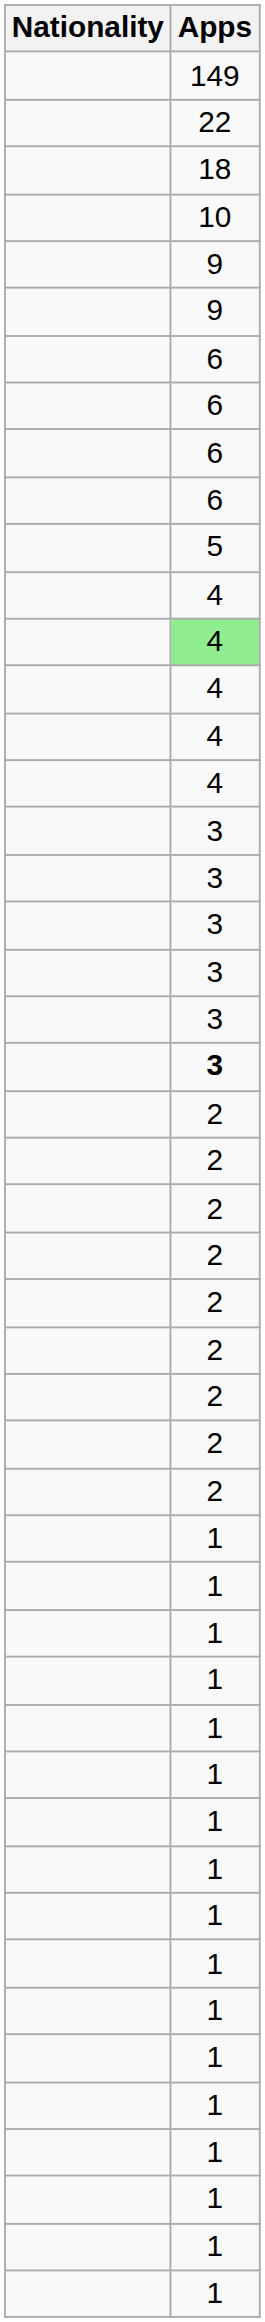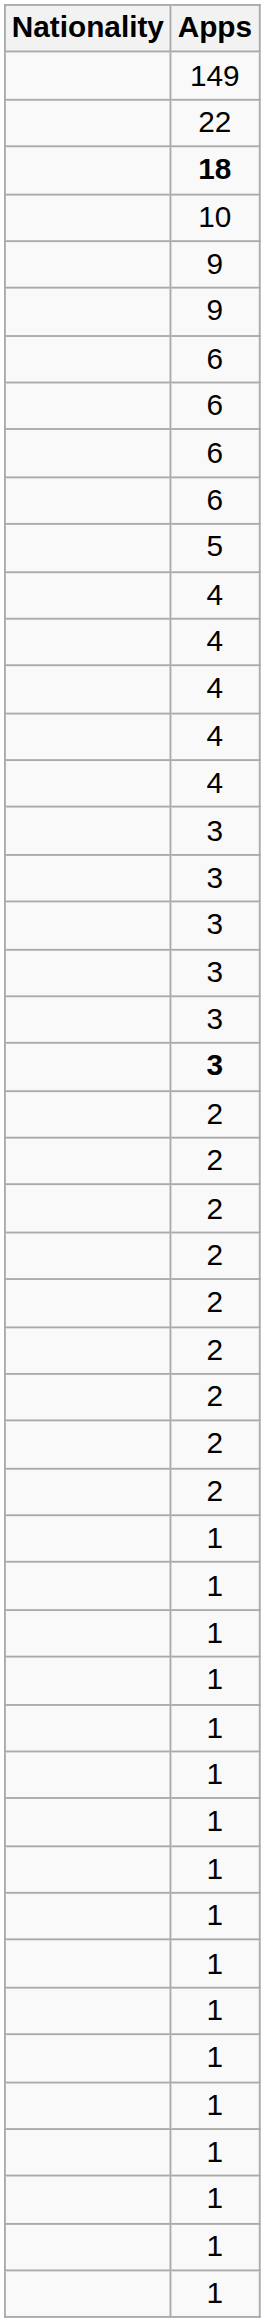 <table class="wikitable sortable">
 <tr>
 <th>Nationality</th>
 <th>Apps</th>
 </tr>
 <tr>
 <td></td>
 <td align="center">149</td>
 </tr>
 <tr>
 <td></td>
 <td align="center">22</td>
 </tr>
 <tr>
 <td></td>
-<td align="center">18</td>
+<td align="center"><strong>18</strong></td>
 </tr>
 <tr>
 <td></td>
 <td align="center">10</td>
 </tr>
 <tr>
 <td></td>
 <td align="center">9</td>
 </tr>
 <tr>
 <td></td>
 <td align="center">9</td>
 </tr>
 <tr>
 <td></td>
 <td align="center">6</td>
 </tr>
 <tr>
 <td></td>
 <td align="center">6</td>
 </tr>
 <tr>
 <td></td>
 <td align="center">6</td>
 </tr>
 <tr>
 <td></td>
 <td align="center">6</td>
 </tr>
 <tr>
 <td></td>
 <td align="center">5</td>
 </tr>
 <tr>
 <td></td>
 <td align="center">4</td>
 </tr>
 <tr>
 <td></td>
-<td align="center" style="background: lightgreen;">4</td>
+<td align="center">4</td>
 </tr>
 <tr>
 <td></td>
 <td align="center">4</td>
 </tr>
 <tr>
 <td></td>
 <td align="center">4</td>
 </tr>
 <tr>
 <td></td>
 <td align="center">4</td>
 </tr>
 <tr>
 <td></td>
 <td align="center">3</td>
 </tr>
 <tr>
 <td></td>
 <td align="center">3</td>
 </tr>
 <tr>
 <td></td>
 <td align="center">3</td>
 </tr>
 <tr>
 <td></td>
 <td align="center">3</td>
 </tr>
 <tr>
 <td></td>
 <td align="center">3</td>
 </tr>
 <tr>
 <td></td>
 <td align="center"><strong>3</strong></td>
 </tr>
 <tr>
 <td></td>
 <td align="center">2</td>
 </tr>
 <tr>
 <td></td>
 <td align="center">2</td>
 </tr>
 <tr>
 <td></td>
 <td align="center">2</td>
 </tr>
 <tr>
 <td></td>
 <td align="center">2</td>
 </tr>
 <tr>
 <td></td>
 <td align="center">2</td>
 </tr>
 <tr>
 <td></td>
 <td align="center">2</td>
 </tr>
 <tr>
 <td></td>
 <td align="center">2</td>
 </tr>
 <tr>
 <td></td>
 <td align="center">2</td>
 </tr>
 <tr>
 <td></td>
 <td align="center">2</td>
 </tr>
 <tr>
 <td></td>
 <td align="center">1</td>
 </tr>
 <tr>
 <td></td>
 <td align="center">1</td>
 </tr>
 <tr>
 <td></td>
 <td align="center">1</td>
 </tr>
 <tr>
 <td></td>
 <td align="center">1</td>
 </tr>
 <tr>
 <td></td>
 <td align="center">1</td>
 </tr>
 <tr>
 <td></td>
 <td align="center">1</td>
 </tr>
 <tr>
 <td></td>
 <td align="center">1</td>
 </tr>
 <tr>
 <td></td>
 <td align="center">1</td>
 </tr>
 <tr>
 <td></td>
 <td align="center">1</td>
 </tr>
 <tr>
 <td></td>
 <td align="center">1</td>
 </tr>
 <tr>
 <td></td>
 <td align="center">1</td>
 </tr>
 <tr>
 <td></td>
 <td align="center">1</td>
 </tr>
 <tr>
 <td></td>
 <td align="center">1</td>
 </tr>
 <tr>
 <td></td>
 <td align="center">1</td>
 </tr>
 <tr>
 <td></td>
 <td align="center">1</td>
 </tr>
 <tr>
 <td></td>
 <td align="center">1</td>
 </tr>
 <tr>
 <td></td>
 <td align="center">1</td>
 </tr>
 </table>
